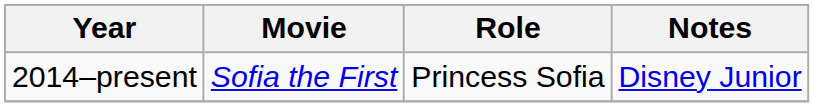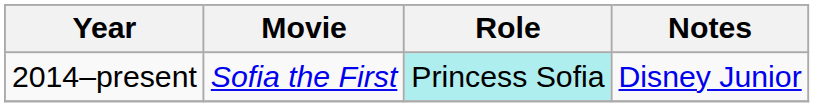 <table class="wikitable sortable">
 <tr>
 <th>Year</th>
 <th>Movie</th>
 <th>Role</th>
 <th>Notes</th>
 </tr>
 <tr>
 <td>2014–present</td>
 <td><em><a href='#'>Sofia the First</a></em></td>
-<td>Princess Sofia</td>
+<td style="background: paleturquoise;">Princess Sofia</td>
 <td><a href='#'>Disney Junior</a></td>
 </tr>
 <tr>
 </tr>
 </table>
